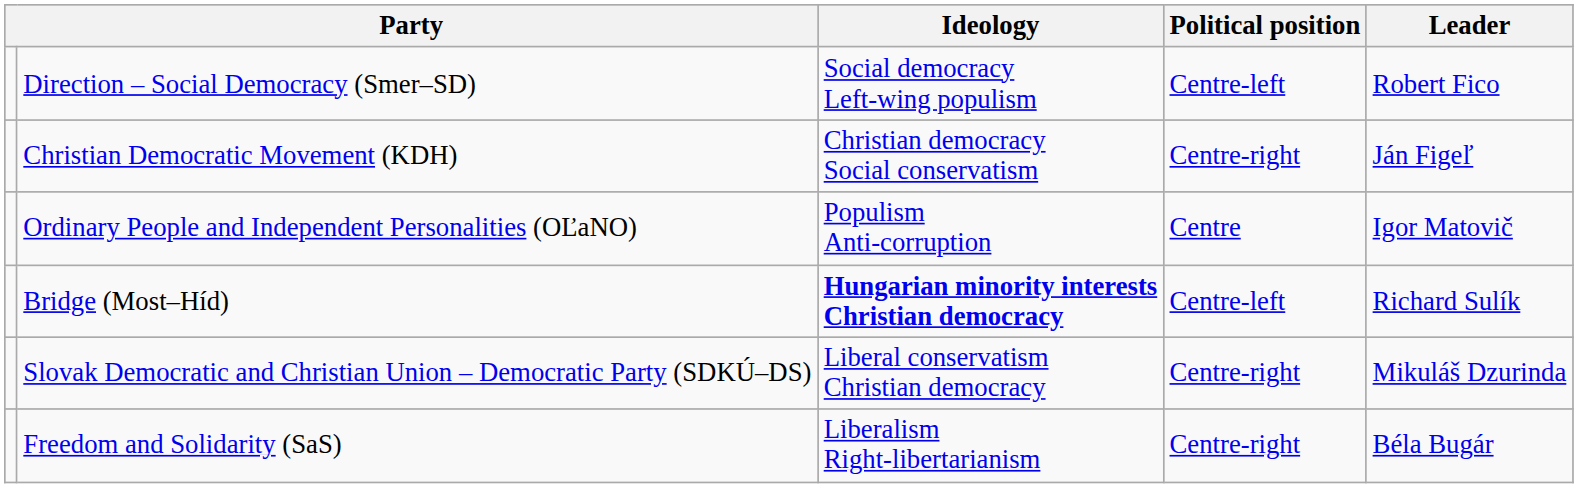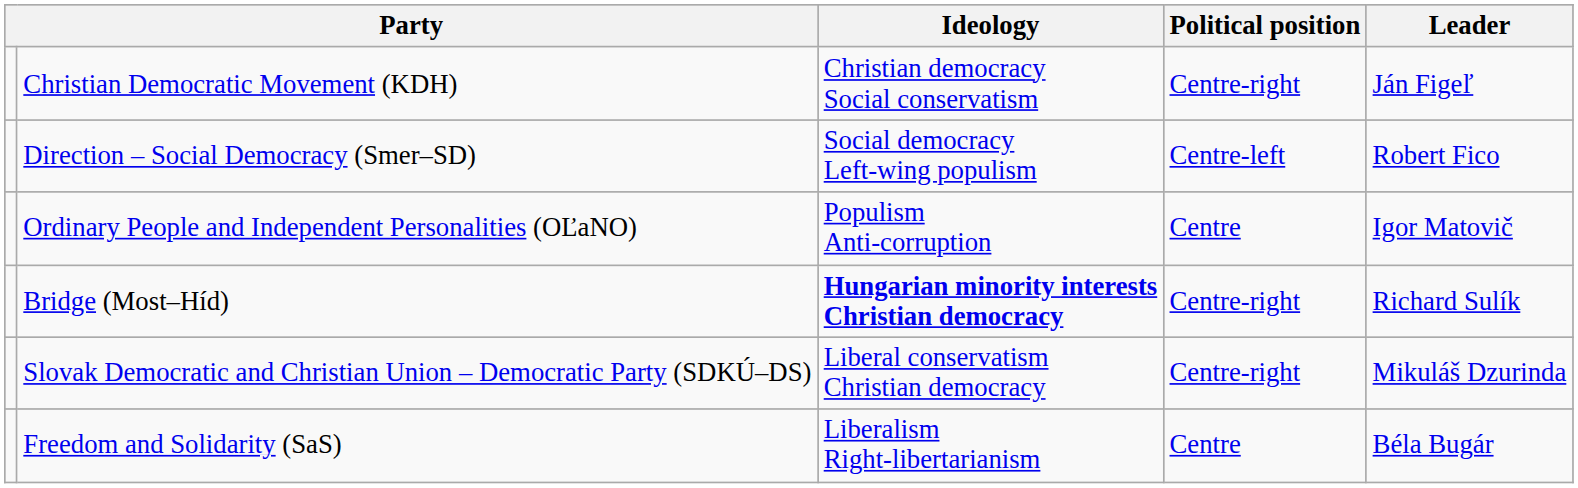 <table class="wikitable">
 <tr>
 <th colspan="2">Party</th>
 <th>Ideology</th>
 <th>Political position</th>
 <th>Leader</th>
 </tr>
 <tr>
 <td style="background:"></td>
+<td><a href='#'>Christian Democratic Movement</a> (KDH)</td>
+<td><a href='#'>Christian democracy</a><br><a href='#'>Social conservatism</a></td>
+<td><a href='#'>Centre-right</a></td>
+<td><a href='#'>Ján Figeľ</a></td>
+</tr>
+<tr>
+<td style="background:"></td>
 <td><a href='#'>Direction – Social Democracy</a> (Smer–SD)</td>
 <td><a href='#'>Social democracy</a><br><a href='#'>Left-wing populism</a></td>
 <td><a href='#'>Centre-left</a></td>
 <td><a href='#'>Robert Fico</a></td>
-</tr>
-<tr>
-<td style="background:"></td>
-<td><a href='#'>Christian Democratic Movement</a> (KDH)</td>
-<td><a href='#'>Christian democracy</a><br><a href='#'>Social conservatism</a></td>
-<td><a href='#'>Centre-right</a></td>
-<td><a href='#'>Ján Figeľ</a></td>
 </tr>
 <tr>
 <td style="background:"></td>
 <td><a href='#'>Ordinary People and Independent Personalities</a> (OĽaNO)</td>
 <td><a href='#'>Populism</a><br><a href='#'>Anti-corruption</a></td>
 <td><a href='#'>Centre</a></td>
 <td><a href='#'>Igor Matovič</a></td>
 </tr>
 <tr>
 <td style="background:"></td>
 <td><a href='#'>Bridge</a> (Most–Híd)</td>
 <td><strong><a href='#'>Hungarian minority interests</a><br><a href='#'>Christian democracy</a></strong></td>
-<td><a href='#'>Centre-left</a></td>
+<td><a href='#'>Centre-right</a></td>
 <td><a href='#'>Richard Sulík</a></td>
 </tr>
 <tr>
 <td style="background:"></td>
 <td><a href='#'>Slovak Democratic and Christian Union – Democratic Party</a> (SDKÚ–DS)</td>
 <td><a href='#'>Liberal conservatism</a><br><a href='#'>Christian democracy</a></td>
 <td><a href='#'>Centre-right</a></td>
 <td><a href='#'>Mikuláš Dzurinda</a></td>
 </tr>
 <tr>
 <td style="background:"></td>
 <td><a href='#'>Freedom and Solidarity</a> (SaS)</td>
 <td><a href='#'>Liberalism</a><br><a href='#'>Right-libertarianism</a></td>
-<td><a href='#'>Centre-right</a></td>
+<td><a href='#'>Centre</a></td>
 <td><a href='#'>Béla Bugár</a></td>
 </tr>
 </table>
